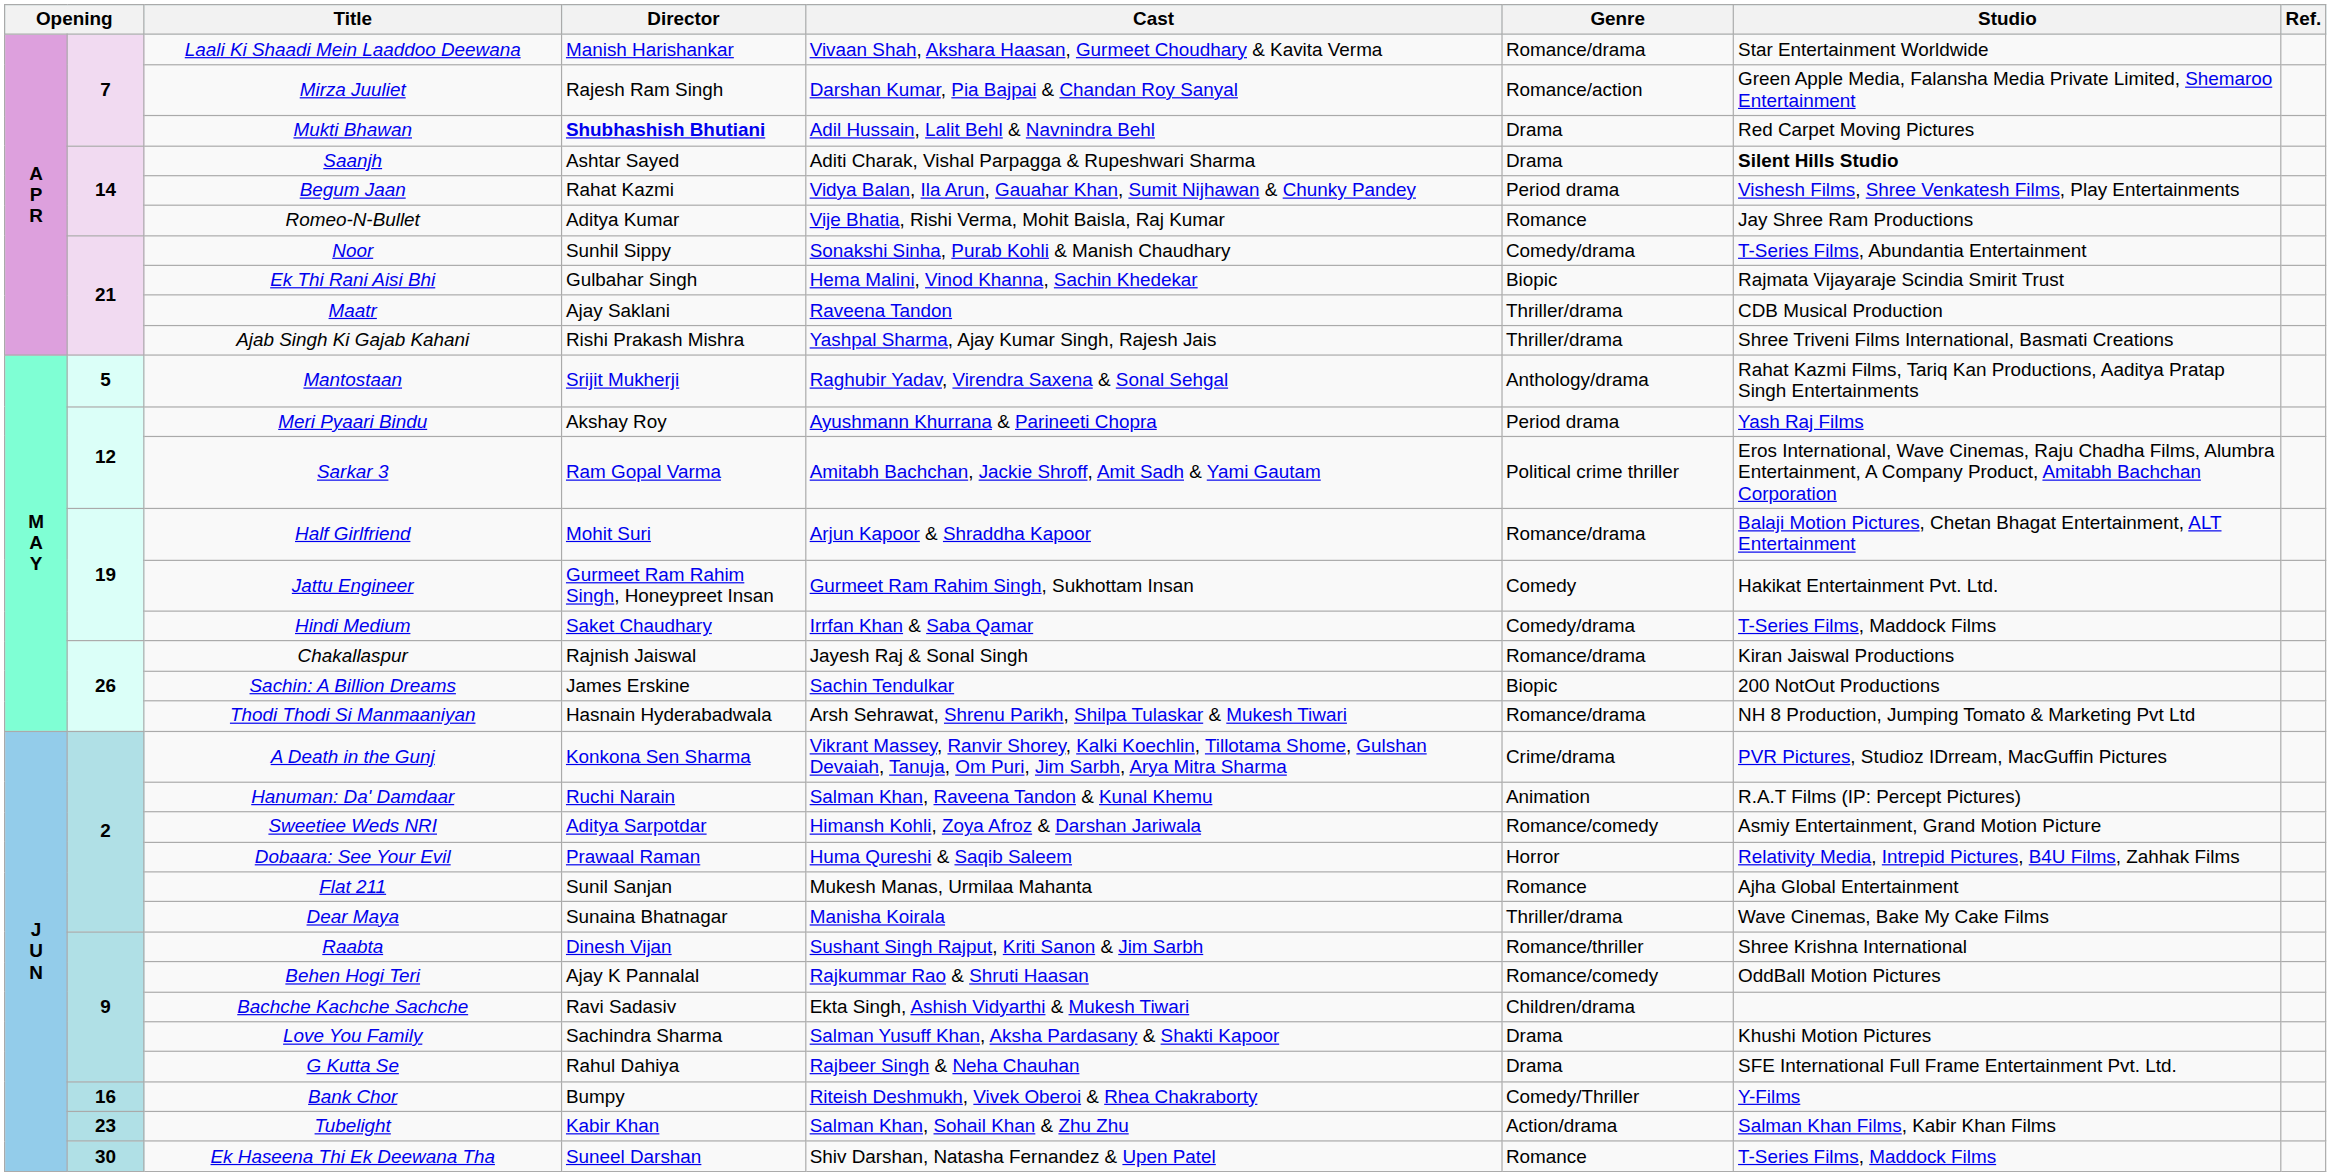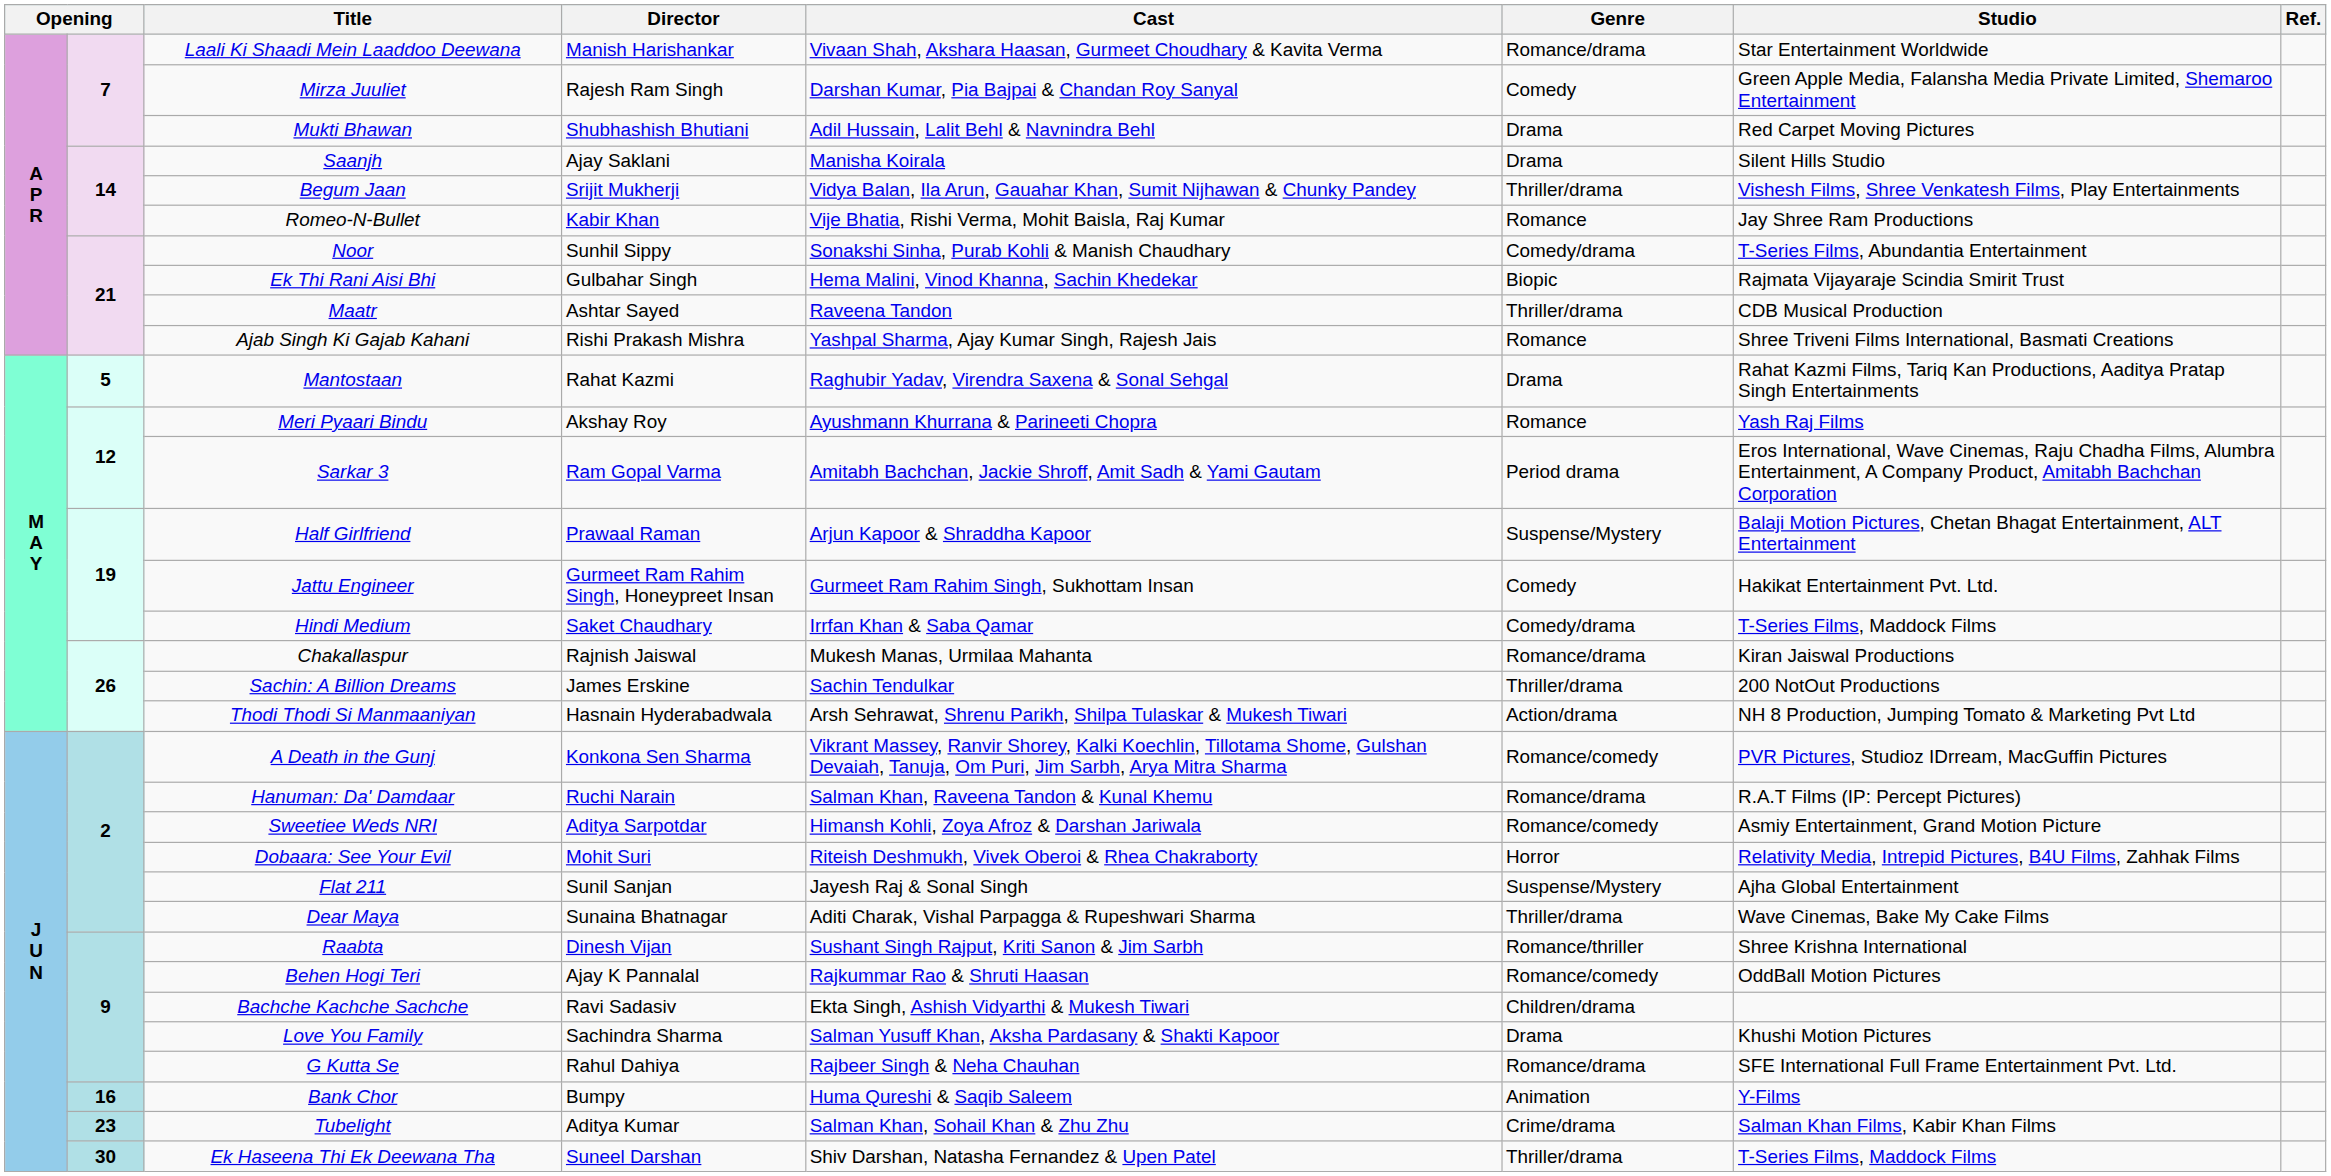 <table class="wikitable">
 <tr style="background:#b0e0e6; text-align:center;">
 <th colspan="2" style="width:6%;"><strong>Opening</strong></th>
 <th style="width:18%;"><strong>Title</strong></th>
 <th style="width:10.5%;"><strong>Director</strong></th>
 <th style="width:30%;"><strong>Cast</strong></th>
 <th style="width:10%;"><strong>Genre</strong></th>
 <th>Studio</th>
 <th>Ref.</th>
 </tr>
 <tr April!>
 <td rowspan="10" style="text-align:center; background:plum;"><strong>A<br>P<br>R</strong></td>
 <td rowspan="3" style="text-align:center;background:#f1daf1;"><strong>7</strong></td>
 <td style="text-align:center;"><em><a href='#'>Laali Ki Shaadi Mein Laaddoo Deewana</a></em></td>
 <td><a href='#'>Manish Harishankar</a></td>
 <td><a href='#'>Vivaan Shah</a>, <a href='#'>Akshara Haasan</a>, <a href='#'>Gurmeet Choudhary</a> & Kavita Verma</td>
 <td>Romance/drama</td>
 <td>Star Entertainment Worldwide</td>
 <td></td>
 </tr>
 <tr>
 <td style="text-align:center;"><em><a href='#'>Mirza Juuliet</a></em></td>
 <td>Rajesh Ram Singh</td>
 <td><a href='#'>Darshan Kumar</a>, <a href='#'>Pia Bajpai</a> & <a href='#'>Chandan Roy Sanyal</a></td>
-<td>Romance/action</td>
+<td>Comedy</td>
 <td>Green Apple Media, Falansha Media Private Limited, <a href='#'>Shemaroo Entertainment</a></td>
 <td></td>
 </tr>
 <tr>
 <td style="text-align:center;"><em><a href='#'>Mukti Bhawan</a></em></td>
-<td><strong><a href='#'>Shubhashish Bhutiani</a></strong></td>
+<td><a href='#'>Shubhashish Bhutiani</a></td>
 <td><a href='#'>Adil Hussain</a>, <a href='#'>Lalit Behl</a> & <a href='#'>Navnindra Behl</a></td>
 <td>Drama</td>
 <td>Red Carpet Moving Pictures</td>
 <td></td>
 </tr>
 <tr>
 <td rowspan="3" style="text-align:center;background:#f1daf1;"><strong>14</strong></td>
 <td style="text-align:center;"><em><a href='#'>Saanjh</a></em></td>
-<td>Ashtar Sayed</td>
-<td>Aditi Charak, Vishal Parpagga & Rupeshwari Sharma</td>
+<td>Ajay Saklani</td>
+<td><a href='#'>Manisha Koirala</a></td>
 <td>Drama</td>
-<td><strong>Silent Hills Studio</strong></td>
+<td>Silent Hills Studio</td>
 <td></td>
 </tr>
 <tr>
 <td style="text-align:center;"><em><a href='#'>Begum Jaan</a></em></td>
-<td>Rahat Kazmi</td>
+<td><a href='#'>Srijit Mukherji</a></td>
 <td><a href='#'>Vidya Balan</a>, <a href='#'>Ila Arun</a>, <a href='#'>Gauahar Khan</a>, <a href='#'>Sumit Nijhawan</a> & <a href='#'>Chunky Pandey</a></td>
-<td>Period drama</td>
+<td>Thriller/drama</td>
 <td><a href='#'>Vishesh Films</a>, <a href='#'>Shree Venkatesh Films</a>, Play Entertainments</td>
 <td></td>
 </tr>
 <tr>
 <td style="text-align:center;"><em>Romeo-N-Bullet</em></td>
-<td>Aditya Kumar</td>
+<td><a href='#'>Kabir Khan</a></td>
 <td><a href='#'>Vije Bhatia</a>, Rishi Verma, Mohit Baisla, Raj Kumar</td>
 <td>Romance</td>
 <td>Jay Shree Ram Productions</td>
 <td></td>
 </tr>
 <tr>
 <td rowspan="4" style="text-align:center;background:#f1daf1;"><strong>21</strong></td>
 <td style="text-align:center;"><em><a href='#'>Noor</a></em></td>
 <td>Sunhil Sippy</td>
 <td><a href='#'>Sonakshi Sinha</a>, <a href='#'>Purab Kohli</a> & Manish Chaudhary</td>
 <td>Comedy/drama</td>
 <td><a href='#'>T-Series Films</a>, Abundantia Entertainment</td>
 <td></td>
 </tr>
 <tr>
 <td style="text-align:center;"><em><a href='#'>Ek Thi Rani Aisi Bhi</a></em></td>
 <td>Gulbahar Singh</td>
 <td><a href='#'>Hema Malini</a>, <a href='#'>Vinod Khanna</a>, <a href='#'>Sachin Khedekar</a></td>
 <td>Biopic</td>
 <td>Rajmata Vijayaraje Scindia Smirit Trust</td>
 <td></td>
 </tr>
 <tr>
 <td style="text-align:center;"><em><a href='#'>Maatr</a></em></td>
-<td>Ajay Saklani</td>
+<td>Ashtar Sayed</td>
 <td><a href='#'>Raveena Tandon</a></td>
 <td>Thriller/drama</td>
 <td>CDB Musical Production</td>
 <td></td>
 </tr>
 <tr>
 <td style="text-align:center;"><em>Ajab Singh Ki Gajab Kahani</em></td>
 <td>Rishi Prakash Mishra</td>
 <td><a href='#'>Yashpal Sharma</a>, Ajay Kumar Singh, Rajesh Jais</td>
-<td>Thriller/drama</td>
+<td>Romance</td>
 <td>Shree Triveni Films International, Basmati Creations</td>
 <td></td>
 </tr>
 <tr May!>
 <td rowspan="9" style="text-align:center; background:#7FFFD4; textcolor:#000;"><strong>M<br>A<br>Y</strong></td>
 <td style="text-align:center; background:#dbfff8;"><strong>5</strong></td>
 <td style="text-align:center;"><em><a href='#'>Mantostaan</a></em></td>
-<td><a href='#'>Srijit Mukherji</a></td>
+<td>Rahat Kazmi</td>
 <td><a href='#'>Raghubir Yadav</a>, <a href='#'>Virendra Saxena</a> & <a href='#'>Sonal Sehgal</a></td>
-<td>Anthology/drama</td>
+<td>Drama</td>
 <td>Rahat Kazmi Films, Tariq Kan Productions, Aaditya Pratap Singh Entertainments</td>
 <td></td>
 </tr>
 <tr>
 <td rowspan="2" style="text-align:center;background:#DBFFF8;"><strong>12</strong></td>
 <td style="text-align:center;"><em><a href='#'>Meri Pyaari Bindu</a></em></td>
 <td>Akshay Roy</td>
 <td><a href='#'>Ayushmann Khurrana</a> & <a href='#'>Parineeti Chopra</a></td>
-<td>Period drama</td>
+<td>Romance</td>
 <td><a href='#'>Yash Raj Films</a></td>
 <td></td>
 </tr>
 <tr>
 <td style="text-align:center;"><em><a href='#'>Sarkar 3</a></em></td>
 <td><a href='#'>Ram Gopal Varma</a></td>
 <td><a href='#'>Amitabh Bachchan</a>, <a href='#'>Jackie Shroff</a>, <a href='#'>Amit Sadh</a> & <a href='#'>Yami Gautam</a></td>
-<td>Political crime thriller</td>
+<td>Period drama</td>
 <td>Eros International, Wave Cinemas, Raju Chadha Films, Alumbra Entertainment, A Company Product, <a href='#'>Amitabh Bachchan Corporation</a></td>
 <td></td>
 </tr>
 <tr>
 <td rowspan="3" style="text-align:center;background:#DBFFF8;"><strong>19</strong></td>
 <td style="text-align:center;"><em><a href='#'>Half Girlfriend</a></em></td>
-<td><a href='#'>Mohit Suri</a></td>
+<td><a href='#'>Prawaal Raman</a></td>
 <td><a href='#'>Arjun Kapoor</a> & <a href='#'>Shraddha Kapoor</a></td>
-<td>Romance/drama</td>
+<td>Suspense/Mystery</td>
 <td><a href='#'>Balaji Motion Pictures</a>, Chetan Bhagat Entertainment, <a href='#'>ALT Entertainment</a></td>
 <td></td>
 </tr>
 <tr>
 <td style="text-align:center;"><em><a href='#'>Jattu Engineer</a></em></td>
 <td><a href='#'>Gurmeet Ram Rahim Singh</a>, Honeypreet Insan</td>
 <td><a href='#'>Gurmeet Ram Rahim Singh</a>, Sukhottam Insan</td>
 <td>Comedy</td>
 <td>Hakikat Entertainment Pvt. Ltd.</td>
 <td></td>
 </tr>
 <tr>
 <td style="text-align:center;"><em><a href='#'>Hindi Medium</a></em></td>
 <td><a href='#'>Saket Chaudhary</a></td>
 <td><a href='#'>Irrfan Khan</a> & <a href='#'>Saba Qamar</a></td>
 <td>Comedy/drama</td>
 <td><a href='#'>T-Series Films</a>, Maddock Films</td>
 <td></td>
 </tr>
 <tr>
 <td rowspan="3" style="text-align:center;background:#DBFFF8;"><strong>26</strong></td>
 <td style="text-align:center;"><em>Chakallaspur</em></td>
 <td>Rajnish Jaiswal</td>
-<td>Jayesh Raj & Sonal Singh</td>
+<td>Mukesh Manas, Urmilaa Mahanta</td>
 <td>Romance/drama</td>
 <td>Kiran Jaiswal Productions</td>
 <td></td>
 </tr>
 <tr>
 <td style="text-align:center;"><em><a href='#'>Sachin: A Billion Dreams</a></em></td>
 <td>James Erskine</td>
 <td><a href='#'>Sachin Tendulkar</a></td>
-<td>Biopic</td>
+<td>Thriller/drama</td>
 <td>200 NotOut Productions</td>
 <td></td>
 </tr>
 <tr>
 <td style="text-align:center;"><em><a href='#'>Thodi Thodi Si Manmaaniyan</a></em></td>
 <td>Hasnain Hyderabadwala</td>
 <td>Arsh Sehrawat, <a href='#'>Shrenu Parikh</a>, <a href='#'>Shilpa Tulaskar</a> & <a href='#'>Mukesh Tiwari</a></td>
-<td>Romance/drama</td>
+<td>Action/drama</td>
 <td>NH 8 Production, Jumping Tomato & Marketing Pvt Ltd</td>
 <td></td>
 </tr>
 <tr June!>
 <td rowspan="14" style="text-align:center; background:#93CCEA; textcolor:#000;"><strong>J<br>U<br>N</strong></td>
 <td rowspan="6" style="text-align:center;background:#B0E0E6;"><strong>2</strong></td>
 <td style="text-align:center;"><em><a href='#'>A Death in the Gunj</a></em></td>
 <td><a href='#'>Konkona Sen Sharma</a></td>
 <td><a href='#'>Vikrant Massey</a>, <a href='#'>Ranvir Shorey</a>, <a href='#'>Kalki Koechlin</a>, <a href='#'>Tillotama Shome</a>, <a href='#'>Gulshan Devaiah</a>, <a href='#'>Tanuja</a>, <a href='#'>Om Puri</a>, <a href='#'>Jim Sarbh</a>, <a href='#'>Arya Mitra Sharma</a></td>
-<td>Crime/drama</td>
+<td>Romance/comedy</td>
 <td><a href='#'>PVR Pictures</a>, Studioz IDrream, MacGuffin Pictures</td>
 <td></td>
 </tr>
 <tr>
 <td style="text-align:center;"><em><a href='#'>Hanuman: Da' Damdaar</a></em></td>
 <td><a href='#'>Ruchi Narain</a></td>
 <td><a href='#'>Salman Khan</a>, <a href='#'>Raveena Tandon</a> & <a href='#'>Kunal Khemu</a></td>
-<td>Animation</td>
+<td>Romance/drama</td>
 <td>R.A.T Films (IP: Percept Pictures)</td>
 <td></td>
 </tr>
 <tr>
 <td style="text-align:center;"><em><a href='#'>Sweetiee Weds NRI</a></em></td>
 <td><a href='#'>Aditya Sarpotdar</a></td>
 <td><a href='#'>Himansh Kohli</a>, <a href='#'>Zoya Afroz</a> & <a href='#'>Darshan Jariwala</a></td>
 <td>Romance/comedy</td>
 <td>Asmiy Entertainment, Grand Motion Picture</td>
 <td></td>
 </tr>
 <tr>
 <td style="text-align:center;"><em><a href='#'>Dobaara: See Your Evil</a></em></td>
-<td><a href='#'>Prawaal Raman</a></td>
-<td><a href='#'>Huma Qureshi</a> & <a href='#'>Saqib Saleem</a></td>
+<td><a href='#'>Mohit Suri</a></td>
+<td><a href='#'>Riteish Deshmukh</a>, <a href='#'>Vivek Oberoi</a> & <a href='#'>Rhea Chakraborty</a></td>
 <td>Horror</td>
 <td><a href='#'>Relativity Media</a>, <a href='#'>Intrepid Pictures</a>, <a href='#'>B4U Films</a>, Zahhak Films</td>
 <td></td>
 </tr>
 <tr>
 <td style="text-align:center;"><em><a href='#'>Flat 211</a></em></td>
 <td>Sunil Sanjan</td>
-<td>Mukesh Manas, Urmilaa Mahanta</td>
-<td>Romance</td>
+<td>Jayesh Raj & Sonal Singh</td>
+<td>Suspense/Mystery</td>
 <td>Ajha Global Entertainment</td>
 <td></td>
 </tr>
 <tr>
 <td style="text-align:center;"><em><a href='#'>Dear Maya</a></em></td>
 <td>Sunaina Bhatnagar</td>
-<td><a href='#'>Manisha Koirala</a></td>
+<td>Aditi Charak, Vishal Parpagga & Rupeshwari Sharma</td>
 <td>Thriller/drama</td>
 <td>Wave Cinemas, Bake My Cake Films</td>
 <td></td>
 </tr>
 <tr>
 <td rowspan="5" style="text-align:center;background:#B0E0E6;"><strong>9</strong></td>
 <td style="text-align:center;"><em><a href='#'>Raabta</a></em></td>
 <td><a href='#'>Dinesh Vijan</a></td>
 <td><a href='#'>Sushant Singh Rajput</a>, <a href='#'>Kriti Sanon</a> & <a href='#'>Jim Sarbh</a></td>
 <td>Romance/thriller</td>
 <td>Shree Krishna International</td>
 <td></td>
 </tr>
 <tr>
 <td style="text-align:center;"><em><a href='#'>Behen Hogi Teri</a></em></td>
 <td>Ajay K Pannalal</td>
 <td><a href='#'>Rajkummar Rao</a> & <a href='#'>Shruti Haasan</a></td>
 <td>Romance/comedy</td>
 <td>OddBall Motion Pictures</td>
 <td></td>
 </tr>
 <tr>
 <td style="text-align:center;"><em><a href='#'>Bachche Kachche Sachche</a></em></td>
 <td>Ravi Sadasiv</td>
 <td>Ekta Singh, <a href='#'>Ashish Vidyarthi</a> & <a href='#'>Mukesh Tiwari</a></td>
 <td>Children/drama</td>
 <td></td>
 <td></td>
 </tr>
 <tr>
 <td style="text-align:center;"><em><a href='#'>Love You Family</a></em></td>
 <td>Sachindra Sharma</td>
 <td><a href='#'>Salman Yusuff Khan</a>, <a href='#'>Aksha Pardasany</a> & <a href='#'>Shakti Kapoor</a></td>
 <td>Drama</td>
 <td>Khushi Motion Pictures</td>
 <td></td>
 </tr>
 <tr>
 <td style="text-align:center;"><em><a href='#'>G Kutta Se</a></em></td>
 <td>Rahul Dahiya</td>
 <td><a href='#'>Rajbeer Singh</a> & <a href='#'>Neha Chauhan</a></td>
-<td>Drama</td>
+<td>Romance/drama</td>
 <td>SFE International Full Frame Entertainment Pvt. Ltd.</td>
 <td></td>
 </tr>
 <tr>
 <td style="text-align:center; background:#b0e0e6;"><strong>16</strong></td>
 <td style="text-align:center;"><em><a href='#'>Bank Chor</a></em></td>
 <td>Bumpy</td>
-<td><a href='#'>Riteish Deshmukh</a>, <a href='#'>Vivek Oberoi</a> & <a href='#'>Rhea Chakraborty</a></td>
-<td>Comedy/Thriller</td>
+<td><a href='#'>Huma Qureshi</a> & <a href='#'>Saqib Saleem</a></td>
+<td>Animation</td>
 <td><a href='#'>Y-Films</a></td>
 <td></td>
 </tr>
 <tr>
 <td style="text-align:center; background:#b0e0e6;"><strong>23</strong></td>
 <td style="text-align:center;"><em><a href='#'>Tubelight</a></em></td>
-<td><a href='#'>Kabir Khan</a></td>
+<td>Aditya Kumar</td>
 <td><a href='#'>Salman Khan</a>, <a href='#'>Sohail Khan</a> & <a href='#'>Zhu Zhu</a></td>
-<td>Action/drama</td>
+<td>Crime/drama</td>
 <td><a href='#'>Salman Khan Films</a>, Kabir Khan Films</td>
 <td></td>
 </tr>
 <tr>
 <td style="text-align:center; background:#b0e0e6;"><strong>30</strong></td>
 <td style="text-align:center;"><em><a href='#'>Ek Haseena Thi Ek Deewana Tha</a></em></td>
 <td><a href='#'>Suneel Darshan</a></td>
 <td>Shiv Darshan, Natasha Fernandez & <a href='#'>Upen Patel</a></td>
-<td>Romance</td>
+<td>Thriller/drama</td>
 <td><a href='#'>T-Series Films</a>, <a href='#'>Maddock Films</a></td>
 <td></td>
 </tr>
 </table>
